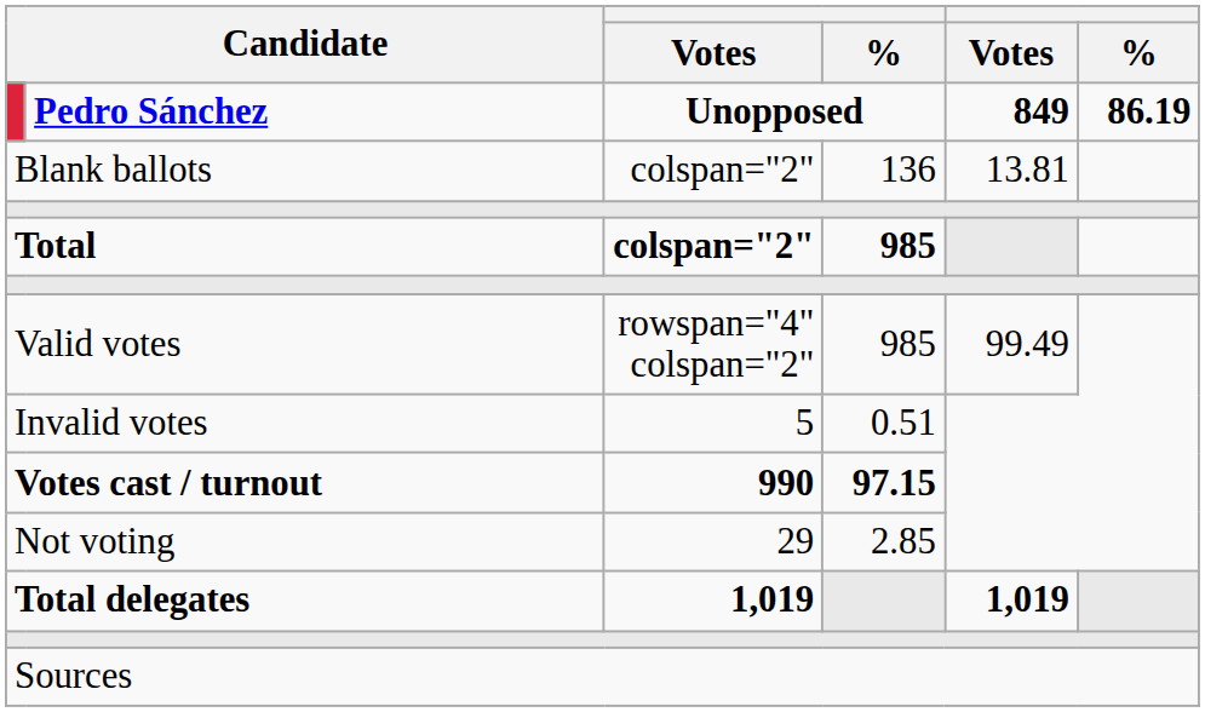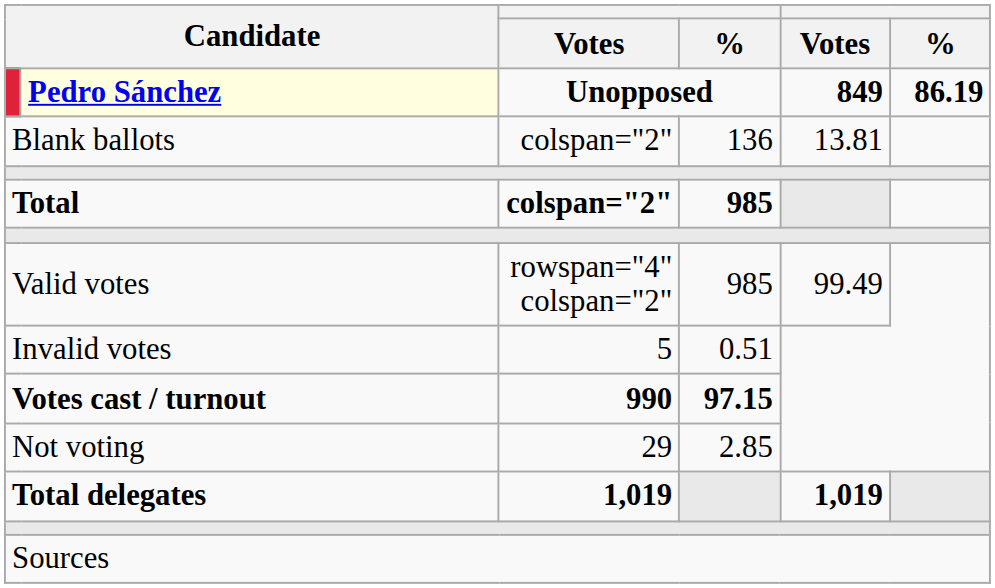 <table class="wikitable" style="text-align:right;">
 <tr>
 <th rowspan="2" colspan="2" width="250">Candidate</th>
 <th colspan="2"></th>
 <th colspan="2"></th>
 </tr>
 <tr>
 <th width="50">Votes</th>
 <th width="45">%</th>
 <th width="50">Votes</th>
 <th width="45">%</th>
 </tr>
 <tr>
 <td width="1" style="color:inherit;background:#DD2239"></td>
-<td align="left"><strong><a href='#'>Pedro Sánchez</a></strong></td>
+<td align="left" style="background: lightyellow;"><strong><a href='#'>Pedro Sánchez</a></strong></td>
 <td colspan="2" align="center"><strong>Unopposed</strong></td>
 <td><strong>849</strong></td>
 <td><strong>86.19</strong></td>
 </tr>
 <tr>
 <td align="left" colspan="2">Blank ballots</td>
 <td>colspan="2" </td>
 <td>136</td>
 <td>13.81</td>
 </tr>
 <tr>
 <td colspan="6" bgcolor="#E9E9E9"></td>
 </tr>
 <tr style="font-weight:bold;">
 <td align="left" colspan="2">Total</td>
 <td>colspan="2" </td>
 <td>985</td>
 <td bgcolor="#E9E9E9"></td>
 </tr>
 <tr>
 <td colspan="6" bgcolor="#E9E9E9"></td>
 </tr>
 <tr>
 <td align="left" colspan="2">Valid votes</td>
 <td>rowspan="4" colspan="2" </td>
 <td>985</td>
 <td>99.49</td>
 </tr>
 <tr>
 <td align="left" colspan="2">Invalid votes</td>
 <td>5</td>
 <td>0.51</td>
 </tr>
 <tr style="font-weight:bold;">
 <td align="left" colspan="2">Votes cast / turnout</td>
 <td>990</td>
 <td>97.15</td>
 </tr>
 <tr>
 <td align="left" colspan="2">Not voting</td>
 <td>29</td>
 <td>2.85</td>
 </tr>
 <tr style="font-weight:bold;">
 <td align="left" colspan="2">Total delegates</td>
 <td>1,019</td>
 <td bgcolor="#E9E9E9"></td>
 <td>1,019</td>
 <td bgcolor="#E9E9E9"></td>
 </tr>
 <tr>
 <td colspan="6" bgcolor="#E9E9E9"></td>
 </tr>
 <tr>
 <td align="left" colspan="6">Sources</td>
 </tr>
 </table>
